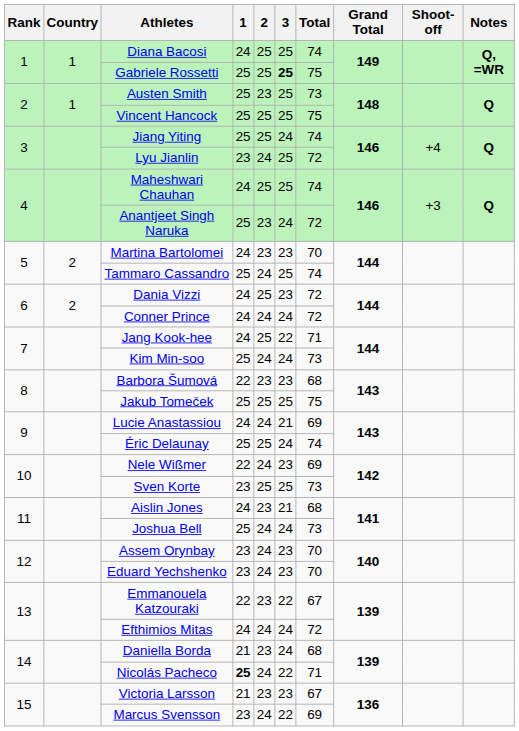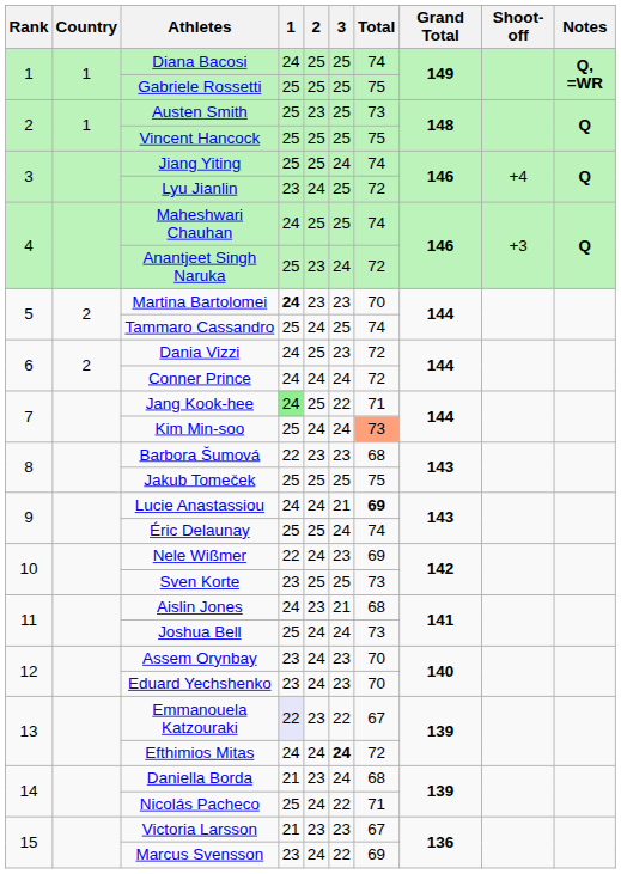 <table class="wikitable sortable" style="text-align:center">
 <tr>
 <th>Rank</th>
 <th>Country</th>
 <th>Athletes</th>
 <th>1</th>
 <th>2</th>
 <th>3</th>
 <th>Total</th>
 <th>Grand Total</th>
 <th class="unsortable">Shoot-off</th>
 <th class="unsortable">Notes</th>
 </tr>
 <tr bgcolor="#BBF3BB">
 <td rowspan=2>1</td>
 <td rowspan=2> 1</td>
 <td><a href='#'>Diana Bacosi</a></td>
 <td>24</td>
 <td>25</td>
 <td>25</td>
 <td>74</td>
 <td rowspan=2><strong>149</strong></td>
 <td rowspan =2></td>
 <td rowspan=2><strong>Q, =WR</strong></td>
 </tr>
 <tr bgcolor="#BBF3BB">
 <td><a href='#'>Gabriele Rossetti</a></td>
 <td>25</td>
 <td>25</td>
-<td><strong>25</strong></td>
+<td>25</td>
 <td>75</td>
 </tr>
 <tr bgcolor="#BBF3BB">
 <td rowspan=2>2</td>
 <td rowspan=2> 1</td>
 <td><a href='#'>Austen Smith</a></td>
 <td>25</td>
 <td>23</td>
 <td>25</td>
 <td>73</td>
 <td rowspan=2><strong>148</strong></td>
 <td rowspan =2></td>
 <td rowspan=2><strong>Q</strong></td>
 </tr>
 <tr bgcolor="#BBF3BB">
 <td><a href='#'>Vincent Hancock</a></td>
 <td>25</td>
 <td>25</td>
 <td>25</td>
 <td>75</td>
 </tr>
 <tr bgcolor="#BBF3BB">
 <td rowspan=2>3</td>
 <td rowspan=2></td>
 <td><a href='#'>Jiang Yiting</a></td>
 <td>25</td>
 <td>25</td>
 <td>24</td>
 <td>74</td>
 <td rowspan=2><strong>146</strong></td>
 <td rowspan =2>+4</td>
 <td rowspan=2><strong>Q</strong></td>
 </tr>
 <tr bgcolor="#BBF3BB">
 <td><a href='#'>Lyu Jianlin</a></td>
 <td>23</td>
 <td>24</td>
 <td>25</td>
 <td>72</td>
 </tr>
 <tr bgcolor="#BBF3BB">
 <td rowspan=2>4</td>
 <td rowspan=2></td>
 <td><a href='#'>Maheshwari Chauhan</a></td>
 <td>24</td>
 <td>25</td>
 <td>25</td>
 <td>74</td>
 <td rowspan=2><strong>146</strong></td>
 <td rowspan =2>+3</td>
 <td rowspan=2><strong>Q</strong></td>
 </tr>
 <tr bgcolor="#BBF3BB">
 <td><a href='#'>Anantjeet Singh Naruka</a></td>
 <td>25</td>
 <td>23</td>
 <td>24</td>
 <td>72</td>
 </tr>
 <tr>
 <td rowspan=2>5</td>
 <td rowspan=2> 2</td>
 <td><a href='#'>Martina Bartolomei</a></td>
-<td>24</td>
+<td><strong>24</strong></td>
 <td>23</td>
 <td>23</td>
 <td>70</td>
 <td rowspan=2><strong>144</strong></td>
 <td rowspan =2></td>
 <td rowspan=2></td>
 </tr>
 <tr>
 <td><a href='#'>Tammaro Cassandro</a></td>
 <td>25</td>
 <td>24</td>
 <td>25</td>
 <td>74</td>
 </tr>
 <tr>
 <td rowspan=2>6</td>
 <td rowspan=2> 2</td>
 <td><a href='#'>Dania Vizzi</a></td>
 <td>24</td>
 <td>25</td>
 <td>23</td>
 <td>72</td>
 <td rowspan=2><strong>144</strong></td>
 <td rowspan =2></td>
 <td rowspan=2></td>
 </tr>
 <tr>
 <td><a href='#'>Conner Prince</a></td>
 <td>24</td>
 <td>24</td>
 <td>24</td>
 <td>72</td>
 </tr>
 <tr>
 <td rowspan=2>7</td>
 <td rowspan=2></td>
 <td><a href='#'>Jang Kook-hee</a></td>
-<td>24</td>
+<td style="background: lightgreen;">24</td>
 <td>25</td>
 <td>22</td>
 <td>71</td>
 <td rowspan=2><strong>144</strong></td>
 <td rowspan =2></td>
 <td rowspan=2></td>
 </tr>
 <tr>
 <td><a href='#'>Kim Min-soo</a></td>
 <td>25</td>
 <td>24</td>
 <td>24</td>
-<td>73</td>
+<td style="background: lightsalmon;">73</td>
 </tr>
 <tr>
 <td rowspan=2>8</td>
 <td rowspan=2></td>
 <td><a href='#'>Barbora Šumová</a></td>
 <td>22</td>
 <td>23</td>
 <td>23</td>
 <td>68</td>
 <td rowspan=2><strong>143</strong></td>
 <td rowspan =2></td>
 <td rowspan=2></td>
 </tr>
 <tr>
 <td><a href='#'>Jakub Tomeček</a></td>
 <td>25</td>
 <td>25</td>
 <td>25</td>
 <td>75</td>
 </tr>
 <tr>
 <td rowspan=2>9</td>
 <td rowspan=2></td>
 <td><a href='#'>Lucie Anastassiou</a></td>
 <td>24</td>
 <td>24</td>
 <td>21</td>
-<td>69</td>
+<td><strong>69</strong></td>
 <td rowspan=2><strong>143</strong></td>
 <td rowspan =2></td>
 <td rowspan=2></td>
 </tr>
 <tr>
 <td><a href='#'>Éric Delaunay</a></td>
 <td>25</td>
 <td>25</td>
 <td>24</td>
 <td>74</td>
 </tr>
 <tr>
 <td rowspan=2>10</td>
 <td rowspan=2></td>
 <td><a href='#'>Nele Wißmer</a></td>
 <td>22</td>
 <td>24</td>
 <td>23</td>
 <td>69</td>
 <td rowspan=2><strong>142</strong></td>
 <td rowspan =2></td>
 <td rowspan=2></td>
 </tr>
 <tr>
 <td><a href='#'>Sven Korte</a></td>
 <td>23</td>
 <td>25</td>
 <td>25</td>
 <td>73</td>
 </tr>
 <tr>
 <td rowspan=2>11</td>
 <td rowspan=2></td>
 <td><a href='#'>Aislin Jones</a></td>
 <td>24</td>
 <td>23</td>
 <td>21</td>
 <td>68</td>
 <td rowspan=2><strong>141</strong></td>
 <td rowspan =2></td>
 <td rowspan=2></td>
 </tr>
 <tr>
 <td><a href='#'>Joshua Bell</a></td>
 <td>25</td>
 <td>24</td>
 <td>24</td>
 <td>73</td>
 </tr>
 <tr>
 <td rowspan=2>12</td>
 <td rowspan=2></td>
 <td><a href='#'>Assem Orynbay</a></td>
 <td>23</td>
 <td>24</td>
 <td>23</td>
 <td>70</td>
 <td rowspan=2><strong>140</strong></td>
 <td rowspan =2></td>
 <td rowspan=2></td>
 </tr>
 <tr>
 <td><a href='#'>Eduard Yechshenko</a></td>
 <td>23</td>
 <td>24</td>
 <td>23</td>
 <td>70</td>
 </tr>
 <tr>
 <td rowspan=2>13</td>
 <td rowspan=2></td>
 <td><a href='#'>Emmanouela Katzouraki</a></td>
-<td>22</td>
+<td style="background: lavender;">22</td>
 <td>23</td>
 <td>22</td>
 <td>67</td>
 <td rowspan=2><strong>139</strong></td>
 <td rowspan =2></td>
 <td rowspan=2></td>
 </tr>
 <tr>
 <td><a href='#'>Efthimios Mitas</a></td>
 <td>24</td>
 <td>24</td>
-<td>24</td>
+<td><strong>24</strong></td>
 <td>72</td>
 </tr>
 <tr>
 <td rowspan=2>14</td>
 <td rowspan=2></td>
 <td><a href='#'>Daniella Borda</a></td>
 <td>21</td>
 <td>23</td>
 <td>24</td>
 <td>68</td>
 <td rowspan=2><strong>139</strong></td>
 <td rowspan =2></td>
 <td rowspan=2></td>
 </tr>
 <tr>
 <td><a href='#'>Nicolás Pacheco</a></td>
-<td><strong>25</strong></td>
+<td>25</td>
 <td>24</td>
 <td>22</td>
 <td>71</td>
 </tr>
 <tr>
 <td rowspan=2>15</td>
 <td rowspan=2></td>
 <td><a href='#'>Victoria Larsson</a></td>
 <td>21</td>
 <td>23</td>
 <td>23</td>
 <td>67</td>
 <td rowspan=2><strong>136</strong></td>
 <td rowspan =2></td>
 <td rowspan=2></td>
 </tr>
 <tr>
 <td><a href='#'>Marcus Svensson</a></td>
 <td>23</td>
 <td>24</td>
 <td>22</td>
 <td>69</td>
 </tr>
 </table>
